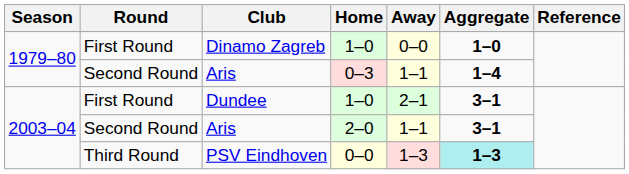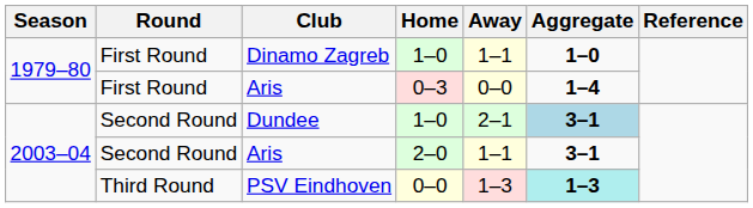 <table class="wikitable">
 <tr>
 <th>Season</th>
 <th>Round</th>
 <th>Club</th>
 <th>Home</th>
 <th>Away</th>
 <th>Aggregate</th>
 <th>Reference</th>
 </tr>
 <tr>
 <td rowspan=2><a href='#'>1979–80</a></td>
 <td>First Round</td>
 <td> <a href='#'>Dinamo Zagreb</a></td>
 <td style="text-align:center; background:#dfd;">1–0</td>
-<td style="text-align:center; background:#ffd;">0–0</td>
+<td style="text-align:center; background:#ffd;">1–1</td>
 <td style="text-align:center;"><strong>1–0</strong></td>
 <td rowspan=2 style="text-align:center;"></td>
 </tr>
 <tr>
-<td>Second Round</td>
+<td>First Round</td>
 <td> <a href='#'>Aris</a></td>
 <td style="text-align:center; background:#fdd;">0–3</td>
-<td style="text-align:center; background:#ffd;">1–1</td>
+<td style="text-align:center; background:#ffd;">0–0</td>
 <td style="text-align:center;"><strong>1–4</strong></td>
 </tr>
 <tr>
 <td rowspan=3><a href='#'>2003–04</a></td>
-<td>First Round</td>
+<td>Second Round</td>
 <td> <a href='#'>Dundee</a></td>
 <td style="text-align:center; background:#dfd;">1–0</td>
 <td style="text-align:center; background:#dfd;">2–1</td>
-<td style="text-align:center;"><strong>3–1</strong></td>
+<td style="background: lightblue; text-align:center;"><strong>3–1</strong></td>
 <td rowspan=3 style="text-align:center;"></td>
 </tr>
 <tr>
 <td>Second Round</td>
 <td> <a href='#'>Aris</a></td>
 <td style="text-align:center; background:#dfd;">2–0</td>
 <td style="text-align:center; background:#ffd;">1–1</td>
 <td style="text-align:center;"><strong>3–1</strong></td>
 </tr>
 <tr>
 <td>Third Round</td>
 <td> <a href='#'>PSV Eindhoven</a></td>
 <td style="text-align:center; background:#ffd;">0–0</td>
 <td style="text-align:center; background:#fdd;">1–3</td>
 <td style="background: paleturquoise; text-align:center;"><strong>1–3</strong></td>
 </tr>
 </table>
